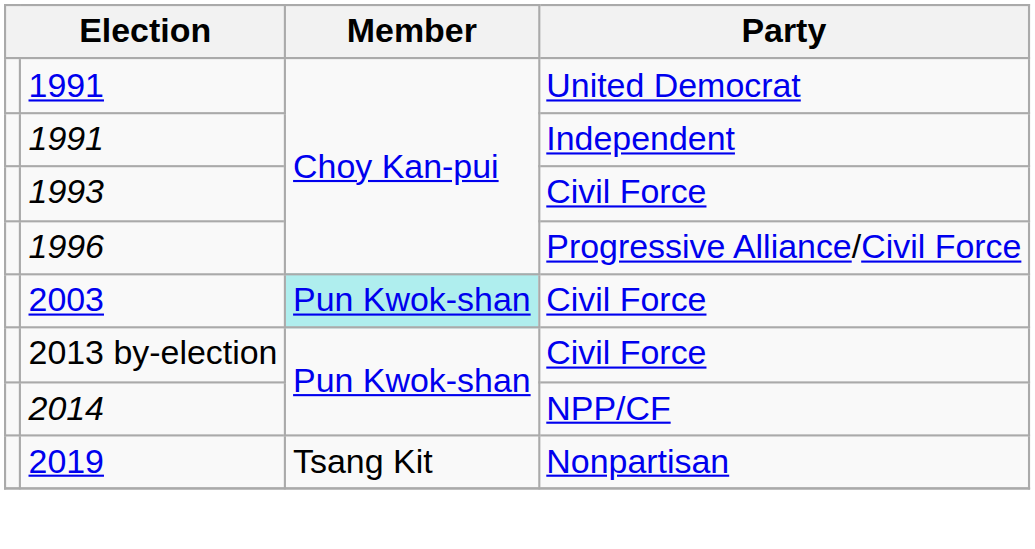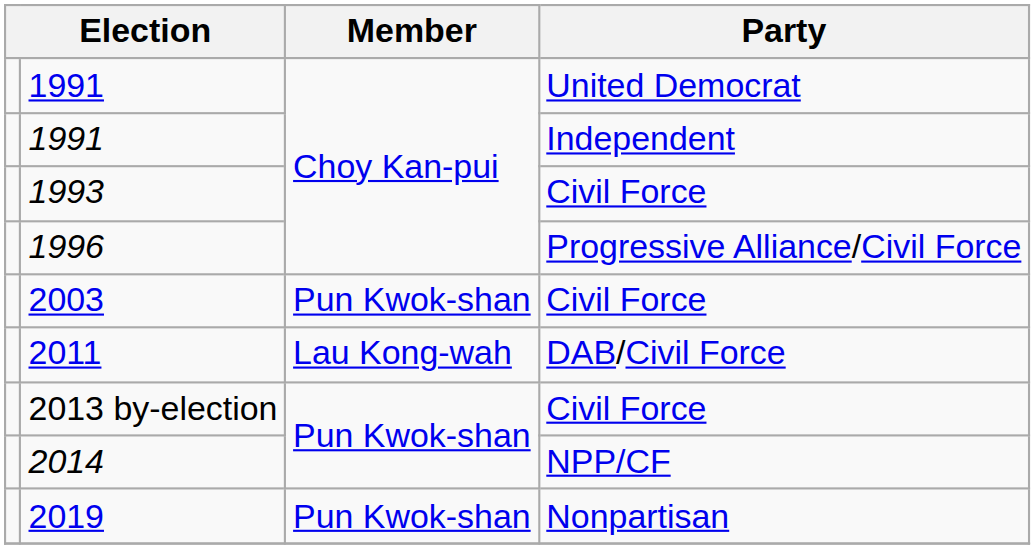 <table class="wikitable">
 <tr>
 <th colspan="2">Election</th>
 <th>Member</th>
 <th>Party</th>
 </tr>
 <tr>
 <td style="background-color: "></td>
 <td><a href='#'>1991</a></td>
 <td rowspan=4><a href='#'>Choy Kan-pui</a></td>
 <td><a href='#'>United Democrat</a></td>
 </tr>
 <tr>
 <td style="background-color: "></td>
 <td><em>1991</em></td>
 <td><a href='#'>Independent</a></td>
 </tr>
 <tr>
 <td style="background-color: "></td>
 <td><em>1993</em></td>
 <td><a href='#'>Civil Force</a></td>
 </tr>
 <tr>
 <td style="background-color: "></td>
 <td><em>1996</em></td>
 <td><a href='#'>Progressive Alliance</a>/<a href='#'>Civil Force</a></td>
 </tr>
 <tr>
 <td style="background-color: "></td>
 <td><a href='#'>2003</a></td>
-<td style="background: paleturquoise;"><a href='#'>Pun Kwok-shan</a></td>
+<td><a href='#'>Pun Kwok-shan</a></td>
 <td><a href='#'>Civil Force</a></td>
+</tr>
+<tr>
+<td style="background-color: "></td>
+<td><a href='#'>2011</a></td>
+<td><a href='#'>Lau Kong-wah</a></td>
+<td><a href='#'>DAB</a>/<a href='#'>Civil Force</a></td>
 </tr>
 <tr>
 <td style="background-color: "></td>
 <td>2013 by-election</td>
 <td rowspan=2><a href='#'>Pun Kwok-shan</a></td>
 <td><a href='#'>Civil Force</a></td>
 </tr>
 <tr>
 <td style="background-color: "></td>
 <td><em>2014</em></td>
 <td><a href='#'>NPP/CF</a></td>
 </tr>
 <tr>
 <td style="background-color: "></td>
 <td><a href='#'>2019</a></td>
-<td>Tsang Kit</td>
+<td><a href='#'>Pun Kwok-shan</a></td>
 <td><a href='#'>Nonpartisan</a></td>
 </tr>
 <tr>
 </tr>
 </table>
